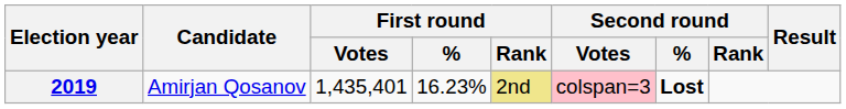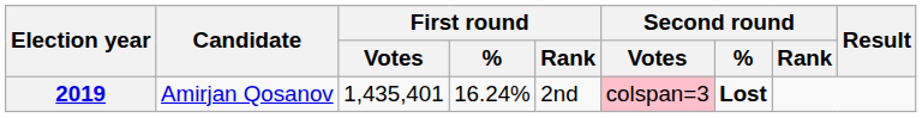 <table class="wikitable">
 <tr>
 <th rowspan="2">Election year</th>
 <th rowspan="2">Candidate</th>
 <th colspan="3">First round</th>
 <th colspan="3">Second round</th>
 <th rowspan="2">Result</th>
 </tr>
 <tr>
 <th>Votes</th>
 <th>%</th>
 <th>Rank</th>
 <th>Votes</th>
 <th>%</th>
 <th>Rank</th>
 </tr>
 <tr>
 <th><a href='#'>2019</a></th>
 <td><a href='#'>Amirjan Qosanov</a></td>
 <td>1,435,401</td>
-<td>16.23%</td>
-<td style="background: khaki;">2nd</td>
+<td>16.24%</td>
+<td>2nd</td>
 <td style="background: pink;">colspan=3 </td>
 <td><strong>Lost</strong> </td>
 </tr>
 </table>
